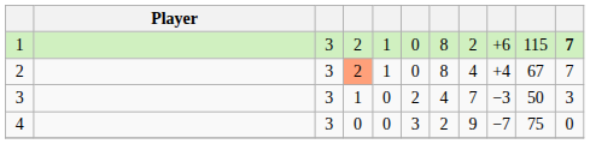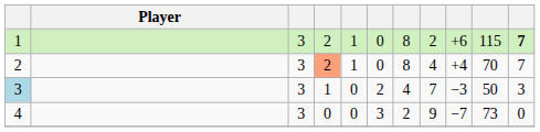 <table class="wikitable" style="text-align:center;">
 <tr>
 <th width=20></th>
 <th width=260>Player</th>
 <th width=20></th>
 <th width=20></th>
 <th width=20></th>
 <th width=20></th>
 <th width=20></th>
 <th width=20></th>
 <th width=20></th>
 <th width=30></th>
 <th width=20></th>
 </tr>
 <tr style="background:#D0F0C0;">
 <td>1</td>
 <td align=left> <small></small></td>
 <td>3</td>
 <td>2</td>
 <td>1</td>
 <td>0</td>
 <td>8</td>
 <td>2</td>
 <td>+6</td>
 <td>115</td>
 <td><strong>7</strong></td>
 </tr>
 <tr>
 <td>2</td>
 <td align=left> <small></small></td>
 <td>3</td>
 <td style="background: lightsalmon;">2</td>
 <td>1</td>
 <td>0</td>
 <td>8</td>
 <td>4</td>
 <td>+4</td>
-<td>67</td>
+<td>70</td>
 <td>7</td>
 </tr>
 <tr>
-<td>3</td>
+<td style="background: lightblue;">3</td>
 <td align=left> <small></small></td>
 <td>3</td>
 <td>1</td>
 <td>0</td>
 <td>2</td>
 <td>4</td>
 <td>7</td>
 <td>−3</td>
 <td>50</td>
 <td>3</td>
 </tr>
 <tr>
 <td>4</td>
 <td align=left> <small></small></td>
 <td>3</td>
 <td>0</td>
 <td>0</td>
 <td>3</td>
 <td>2</td>
 <td>9</td>
 <td>−7</td>
-<td>75</td>
+<td>73</td>
 <td>0</td>
 </tr>
 <tr>
 </tr>
 </table>
